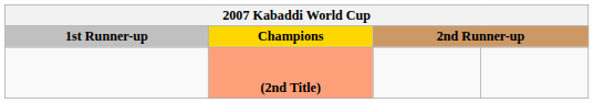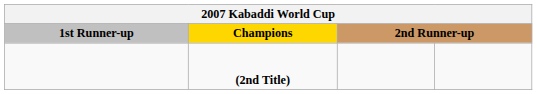 <table class="wikitable" width=55%; style="text-align:center;">
 <tr>
 <th colspan="4">2007 Kabaddi World Cup</th>
 </tr>
 <tr>
 <td style="background:silver;"><strong>1st Runner-up</strong></td>
 <td style="background:gold;"><strong>Champions</strong></td>
 <td colspan="4" style="background:#c96;"><strong>2nd Runner-up</strong></td>
 </tr>
 <tr>
 <td></td>
-<td style="background: lightsalmon;"><br><br><strong>(2nd Title)</strong></td>
+<td><br><br><strong>(2nd Title)</strong></td>
 <td></td>
 <td></td>
 </tr>
 </table>
